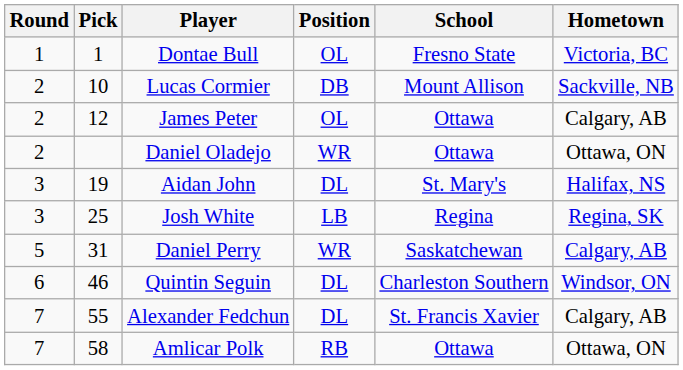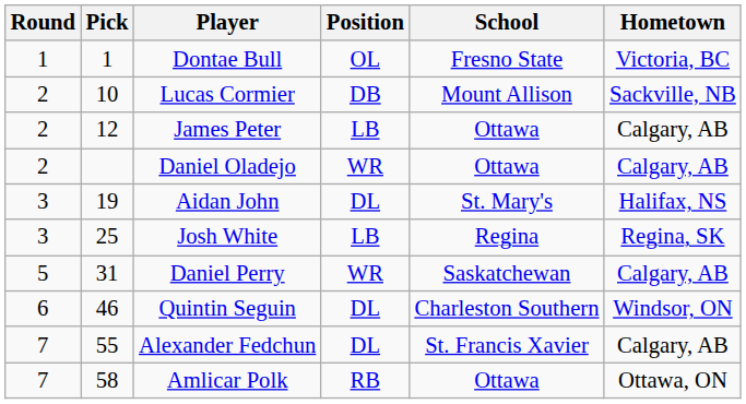 <table class="wikitable sortable">
 <tr>
 <th scope="col">Round</th>
 <th scope="col">Pick</th>
 <th scope="col">Player</th>
 <th scope="col">Position</th>
 <th scope="col">School</th>
 <th scope="col">Hometown</th>
 </tr>
 <tr align="center">
 <td align=center>1</td>
 <td>1</td>
 <td><a href='#'>Dontae Bull</a></td>
 <td><a href='#'>OL</a></td>
 <td><a href='#'>Fresno State</a></td>
 <td><a href='#'>Victoria, BC</a></td>
 </tr>
 <tr align="center">
 <td align=center>2</td>
 <td>10</td>
 <td><a href='#'>Lucas Cormier</a></td>
 <td><a href='#'>DB</a></td>
 <td><a href='#'>Mount Allison</a></td>
 <td><a href='#'>Sackville, NB</a></td>
 </tr>
 <tr align="center">
 <td align=center>2</td>
 <td>12</td>
 <td><a href='#'>James Peter</a></td>
-<td><a href='#'>OL</a></td>
+<td><a href='#'>LB</a></td>
 <td><a href='#'>Ottawa</a></td>
 <td>Calgary, AB</td>
 </tr>
 <tr align="center">
 <td align=center>2</td>
 <td></td>
 <td><a href='#'>Daniel Oladejo</a></td>
 <td><a href='#'>WR</a></td>
 <td><a href='#'>Ottawa</a></td>
-<td>Ottawa, ON</td>
+<td><a href='#'>Calgary, AB</a></td>
 </tr>
 <tr align="center">
 <td align=center>3</td>
 <td>19</td>
 <td><a href='#'>Aidan John</a></td>
 <td><a href='#'>DL</a></td>
 <td><a href='#'>St. Mary's</a></td>
 <td><a href='#'>Halifax, NS</a></td>
 </tr>
 <tr align="center">
 <td align=center>3</td>
 <td>25</td>
 <td><a href='#'>Josh White</a></td>
 <td><a href='#'>LB</a></td>
 <td><a href='#'>Regina</a></td>
 <td><a href='#'>Regina, SK</a></td>
 </tr>
 <tr align="center">
 <td align=center>5</td>
 <td>31</td>
 <td><a href='#'>Daniel Perry</a></td>
 <td><a href='#'>WR</a></td>
 <td><a href='#'>Saskatchewan</a></td>
 <td><a href='#'>Calgary, AB</a></td>
 </tr>
 <tr align="center">
 <td align=center>6</td>
 <td>46</td>
 <td><a href='#'>Quintin Seguin</a></td>
 <td><a href='#'>DL</a></td>
 <td><a href='#'>Charleston Southern</a></td>
 <td><a href='#'>Windsor, ON</a></td>
 </tr>
 <tr align="center">
 <td align=center>7</td>
 <td>55</td>
 <td><a href='#'>Alexander Fedchun</a></td>
 <td><a href='#'>DL</a></td>
 <td><a href='#'>St. Francis Xavier</a></td>
 <td>Calgary, AB</td>
 </tr>
 <tr align="center">
 <td align=center>7</td>
 <td>58</td>
 <td><a href='#'>Amlicar Polk</a></td>
 <td><a href='#'>RB</a></td>
 <td><a href='#'>Ottawa</a></td>
 <td>Ottawa, ON</td>
 </tr>
 </table>
